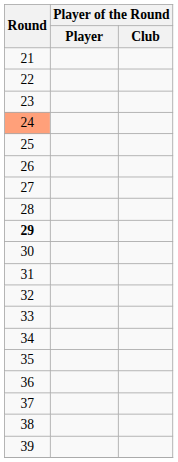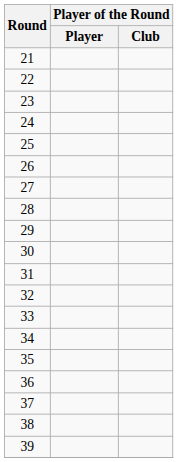 <table class="wikitable">
 <tr>
 <th rowspan=2>Round</th>
 <th colspan=2>Player of the Round</th>
 </tr>
 <tr>
 <th>Player</th>
 <th>Club</th>
 </tr>
 <tr>
 <td align=center>21</td>
 <td></td>
 <td></td>
 </tr>
 <tr>
 <td align=center>22</td>
 <td></td>
 <td></td>
 </tr>
 <tr>
 <td align=center>23</td>
 <td></td>
 <td></td>
 </tr>
 <tr>
-<td align=center style="background: lightsalmon;">24</td>
+<td align=center>24</td>
 <td></td>
 <td></td>
 </tr>
 <tr>
 <td align=center>25</td>
 <td></td>
 <td></td>
 </tr>
 <tr>
 <td align=center>26</td>
 <td></td>
 <td></td>
 </tr>
 <tr>
 <td align=center>27</td>
 <td></td>
 <td></td>
 </tr>
 <tr>
 <td align=center>28</td>
 <td></td>
 <td></td>
 </tr>
 <tr>
-<td align=center><strong>29</strong></td>
+<td align=center>29</td>
 <td></td>
 <td></td>
 </tr>
 <tr>
 <td align=center>30</td>
 <td></td>
 <td></td>
 </tr>
 <tr>
 <td align=center>31</td>
 <td></td>
 <td></td>
 </tr>
 <tr>
 <td align=center>32</td>
 <td></td>
 <td></td>
 </tr>
 <tr>
 <td align=center>33</td>
 <td></td>
 <td></td>
 </tr>
 <tr>
 <td align=center>34</td>
 <td></td>
 <td></td>
 </tr>
 <tr>
 <td align=center>35</td>
 <td></td>
 <td></td>
 </tr>
 <tr>
 <td align=center>36</td>
 <td></td>
 <td></td>
 </tr>
 <tr>
 <td align=center>37</td>
 <td></td>
 <td></td>
 </tr>
 <tr>
 <td align=center>38</td>
 <td></td>
 <td></td>
 </tr>
 <tr>
 <td align=center>39</td>
 <td></td>
 <td></td>
 </tr>
 <tr>
 </tr>
 </table>
